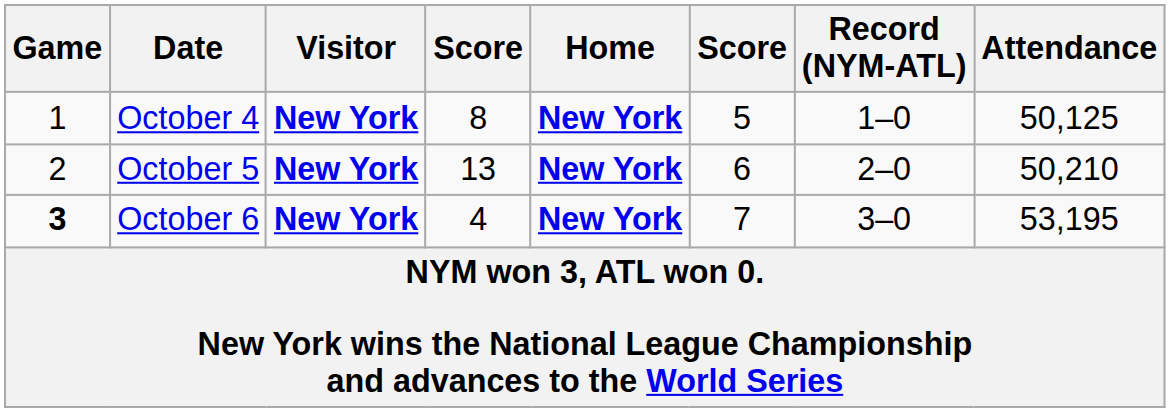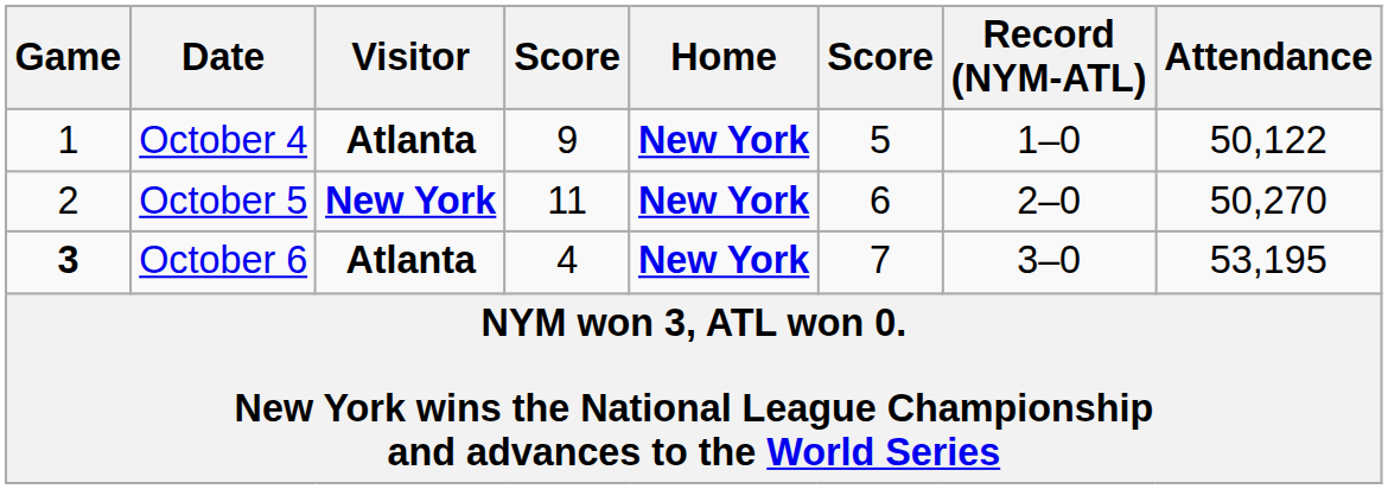 <table class="wikitable">
 <tr>
 <th>Game</th>
 <th>Date</th>
 <th>Visitor</th>
 <th>Score</th>
 <th>Home</th>
 <th>Score</th>
 <th>Record<br>(NYM-ATL)</th>
 <th>Attendance</th>
 </tr>
 <tr>
 <td align = center>1</td>
 <td><a href='#'>October 4</a></td>
-<td align = center><strong><a href='#'>New York</a></strong></td>
-<td align = center>8</td>
+<td align = center><strong>Atlanta</strong></td>
+<td align = center>9</td>
 <td align = center><strong><a href='#'>New York</a></strong></td>
 <td align = center>5</td>
 <td align = center>1–0</td>
-<td align = center>50,125</td>
+<td align = center>50,122</td>
 </tr>
 <tr>
 <td align = center>2</td>
 <td><a href='#'>October 5</a></td>
 <td align = center><strong><a href='#'>New York</a></strong></td>
-<td align = center>13</td>
+<td align = center>11</td>
 <td align = center><strong><a href='#'>New York</a></strong></td>
 <td align = center>6</td>
 <td align = center>2–0</td>
-<td align = center>50,210</td>
+<td align = center>50,270</td>
 </tr>
 <tr>
 <td align = center><strong>3</strong></td>
 <td><a href='#'>October 6</a></td>
-<td align = center><strong><a href='#'>New York</a></strong></td>
+<td align = center><strong>Atlanta</strong></td>
 <td align = center>4</td>
 <td align = center><strong><a href='#'>New York</a></strong></td>
 <td align = center>7</td>
 <td align = center>3–0</td>
 <td align = center>53,195</td>
 </tr>
 <tr>
 <th colspan="8">NYM won 3, ATL won 0.<br><br><strong>New York</strong> wins the National League Championship<br>  and advances to the <a href='#'>World Series</a> <br></th>
 </tr>
 </table>
